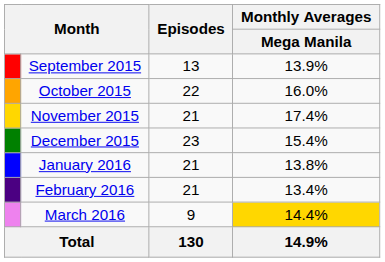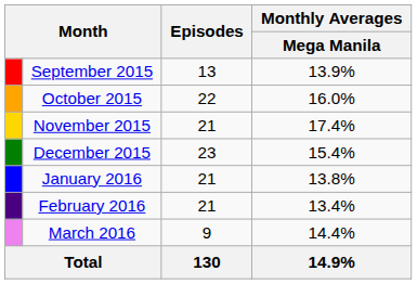 <table class="wikitable plainrowheaders" style="text-align: center; line-height:25px;">
 <tr class="wikitable" style="text-align: center;">
 <th colspan="2" rowspan="2" style="padding: 0 8px;">Month</th>
 <th rowspan="2" style="padding: 0 8px;">Episodes</th>
 <th colspan="2" style="padding: 0 8px;">Monthly Averages</th>
 </tr>
 <tr>
 <th style="padding: 0 8px;">Mega Manila</th>
 </tr>
 <tr>
 <td style="padding: 0 8px; background:#FF0000;"></td>
 <td style="padding: 0 8px;" '><a href='#'>September 2015</a></td>
 <td style="padding: 0 8px;">13</td>
 <td style="padding: 0 8px;">13.9%</td>
 </tr>
 <tr>
 <td style="padding: 0 8px; background:#FFA500;"></td>
 <td style="padding: 0 8px;" '><a href='#'>October 2015</a></td>
 <td style="padding: 0 8px;">22</td>
 <td style="padding: 0 8px;">16.0%</td>
 </tr>
 <tr>
 <td style="padding: 0 8px; background:#FFD700;"></td>
 <td style="padding: 0 8px;" '><a href='#'>November 2015</a></td>
 <td style="padding: 0 8px;">21</td>
 <td style="padding: 0 8px;">17.4%</td>
 </tr>
 <tr>
 <td style="padding: 0 8px; background:#008000;"></td>
 <td style="padding: 0 8px;" '><a href='#'>December 2015</a></td>
 <td style="padding: 0 8px;">23</td>
 <td style="padding: 0 8px;">15.4%</td>
 </tr>
 <tr>
 <td style="padding: 0 8px; background:#0000FF;"></td>
 <td style="padding: 0 8px;" '><a href='#'>January 2016</a></td>
 <td style="padding: 0 8px;">21</td>
 <td style="padding: 0 8px;">13.8%</td>
 </tr>
 <tr>
 <td style="padding: 0 8px; background:#4B0082;"></td>
 <td style="padding: 0 8px;" '><a href='#'>February 2016</a></td>
 <td style="padding: 0 8px;">21</td>
 <td style="padding: 0 8px;">13.4%</td>
 </tr>
 <tr>
 <td style="padding: 0 8px; background:#EE82EE;"></td>
 <td style="padding: 0 8px;" '><a href='#'>March 2016</a></td>
 <td style="padding: 0 8px;">9</td>
-<td style="background: gold; padding: 0 8px;">14.4%</td>
+<td style="padding: 0 8px;">14.4%</td>
 </tr>
 <tr>
 <th colspan="2">Total</th>
 <th colspan="1">130</th>
 <th colspan="2">14.9%</th>
 </tr>
 </table>
